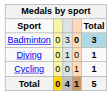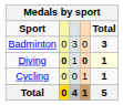 <table class=wikitable style="font-size:85%; float:right">
 <tr bgcolor=efefef>
 <th colspan=7><strong>Medals by sport</strong></th>
 </tr>
 <tr align=center>
 <td><strong>Sport</strong></td>
 <td bgcolor=f7f6a8></td>
 <td bgcolor=dce5e5></td>
 <td bgcolor=ffdab9></td>
 <td><strong>Total</strong></td>
 </tr>
 <tr align=center>
 <td><a href='#'>Badminton</a></td>
 <td style="background:#F7F6A8;">0</td>
 <td style="background:#DCE5E5;">3</td>
-<td style="background:#FFDAB9;"><strong>0</strong></td>
-<td style="background: lightblue;"><strong>3</strong></td>
+<td style="background:#FFDAB9;">0</td>
+<td><strong>3</strong></td>
 </tr>
 <tr align=center>
 <td><a href='#'>Diving</a></td>
-<td style="background:#F7F6A8;">0</td>
+<td style="background:#F7F6A8;"><strong>0</strong></td>
 <td style="background:#DCE5E5;">1</td>
-<td style="background:#FFDAB9;">0</td>
-<td><strong>1</strong></td>
+<td style="background:#FFDAB9;"><strong>0</strong></td>
+<td style="background: lightyellow;"><strong>1</strong></td>
 </tr>
 <tr align=center>
 <td><a href='#'>Cycling</a></td>
 <td style="background:#F7F6A8;">0</td>
 <td style="background:#DCE5E5;">0</td>
 <td style="background:#FFDAB9;">1</td>
 <td><strong>1</strong></td>
 </tr>
 <tr align=center>
 <th>Total</th>
 <th style="background:gold;">0</th>
 <th style="background:silver;">4</th>
 <th style="background:#c96;">1</th>
 <th>5</th>
 </tr>
 </table>
